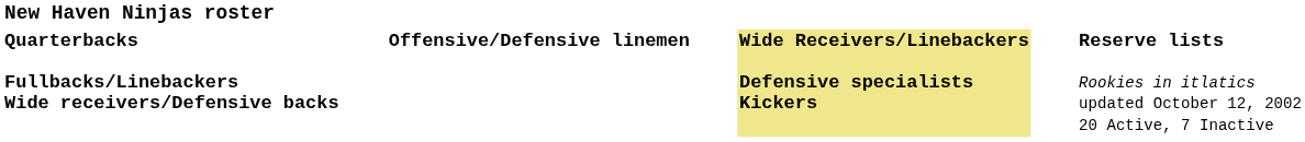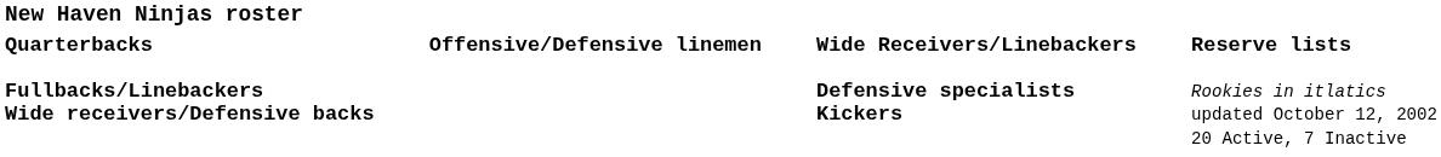 <table class="toccolours" style="text-align: left;">
 <tr>
 <th colspan=7><strong>New Haven Ninjas roster</strong></th>
 </tr>
 <tr>
 <td style="font-size: 95%;" valign="top"><strong>Quarterbacks</strong><br> <br><strong>Fullbacks/Linebackers</strong>    <br><strong>Wide receivers/Defensive backs</strong>   </td>
 <td style="width: 25px;"></td>
 <td style="font-size: 95%;" valign="top"><strong>Offensive/Defensive linemen</strong><br>    </td>
 <td style="width: 25px;"></td>
-<td style="background: khaki; font-size: 95%;" valign="top"><strong>Wide Receivers/Linebackers</strong><br> <br><strong>Defensive specialists</strong>   <br><strong>Kickers</strong> </td>
+<td style="font-size: 95%;" valign="top"><strong>Wide Receivers/Linebackers</strong><br> <br><strong>Defensive specialists</strong>   <br><strong>Kickers</strong> </td>
 <td style="width: 25px;"></td>
 <td style="font-size: 95%;" valign="top"><strong>Reserve lists</strong><br>      <br><small><em>Rookies in itlatics</em><br> <span></span> updated October 12, 2002<br> 20 Active, 7 Inactive</small></td>
 </tr>
 <tr>
 </tr>
 </table>
